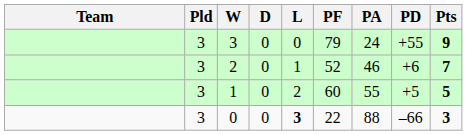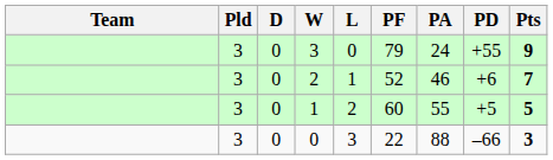 <table class="wikitable" style="text-align:center;">
 <tr>
 <th width=175>Team</th>
 <th width=25 abbr="Played">Pld</th>
+<th width=25 abbr="Drawn">D</th>
 <th width=25 abbr="Won">W</th>
-<th width=25 abbr="Drawn">D</th>
 <th width=25 abbr="Lost">L</th>
 <th width=32 abbr="Points for">PF</th>
 <th width=32 abbr="Points against">PA</th>
 <th width=32 abbr="Points difference">PD</th>
 <th width=25 abbr="Points">Pts</th>
 </tr>
 <tr bgcolor=ccffcc>
 <td align=left></td>
 <td>3</td>
+<td>0</td>
 <td>3</td>
-<td>0</td>
 <td>0</td>
 <td>79</td>
 <td>24</td>
 <td>+55</td>
 <td><strong>9</strong></td>
 </tr>
 <tr bgcolor=ccffcc>
 <td align=left></td>
 <td>3</td>
+<td>0</td>
 <td>2</td>
-<td>0</td>
 <td>1</td>
 <td>52</td>
 <td>46</td>
 <td>+6</td>
 <td><strong>7</strong></td>
 </tr>
 <tr bgcolor=ccffcc>
 <td align=left></td>
 <td>3</td>
+<td>0</td>
 <td>1</td>
-<td>0</td>
 <td>2</td>
 <td>60</td>
 <td>55</td>
 <td>+5</td>
 <td><strong>5</strong></td>
 </tr>
 <tr>
 <td align=left></td>
 <td>3</td>
 <td>0</td>
 <td>0</td>
-<td><strong>3</strong></td>
+<td>3</td>
 <td>22</td>
 <td>88</td>
 <td>–66</td>
 <td><strong>3</strong></td>
 </tr>
 </table>
